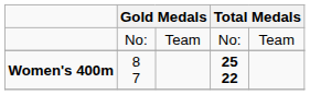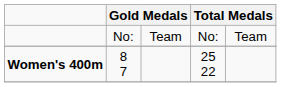 <table class="wikitable" style="text-align: center; font-size:95%;">
 <tr>
 <td></td>
 <th colspan=2>Gold Medals</th>
 <th colspan=2>Total Medals</th>
 </tr>
 <tr>
 <td></td>
 <td>No:</td>
 <td>Team</td>
 <td>No:</td>
 <td>Team</td>
 </tr>
 <tr>
 </tr>
 <tr>
 <td><strong>Women's 400m</strong></td>
 <td>8 <br> 7</td>
 <td align="left"> <br>  </td>
-<td><strong>25 <br> 22</strong></td>
+<td>25 <br> 22</td>
 <td align="left"> <br> </td>
 </tr>
 <tr>
 </tr>
 </table>
